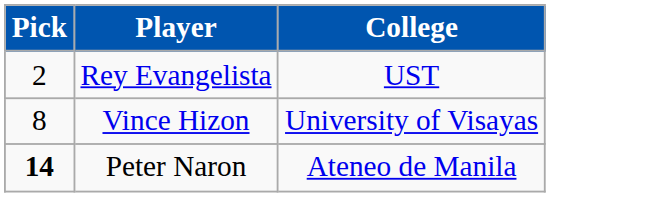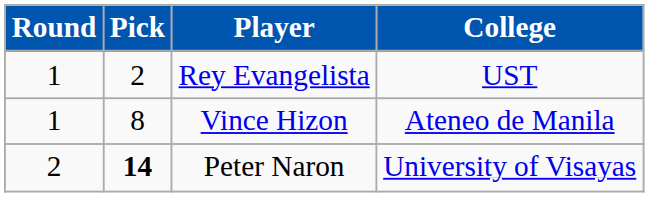 <table class="wikitable sortable sortable">
 <tr>
+<th style="background:#0055AF; color:#FFFFFF; ">Round</th>
 <th style="background:#0055AF; color:#FFFFFF; ">Pick</th>
 <th style="background:#0055AF; color:#FFFFFF; ">Player</th>
 <th style="background:#0055AF; color:#FFFFFF; ">College</th>
 </tr>
 <tr style="text-align: center">
+<td align="center">1</td>
 <td align="center">2</td>
 <td><a href='#'>Rey Evangelista</a></td>
 <td><a href='#'>UST</a></td>
 </tr>
 <tr style="text-align: center">
+<td align="center">1</td>
 <td align="center">8</td>
 <td><a href='#'>Vince Hizon</a></td>
+<td><a href='#'>Ateneo de Manila</a></td>
+</tr>
+<tr style="text-align: center">
+<td align="center">2</td>
+<td align="center"><strong>14</strong></td>
+<td>Peter Naron</td>
 <td><a href='#'>University of Visayas</a></td>
 </tr>
-<tr style="text-align: center">
-<td align="center"><strong>14</strong></td>
-<td>Peter Naron</td>
-<td><a href='#'>Ateneo de Manila</a></td>
-</tr>
 </table>
